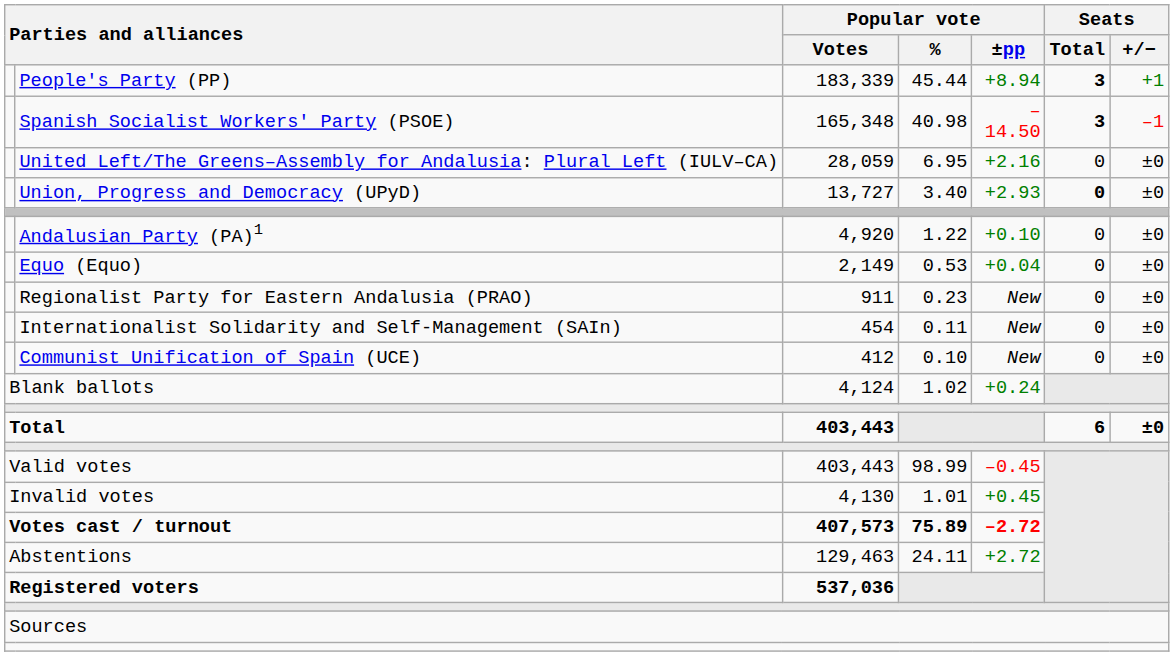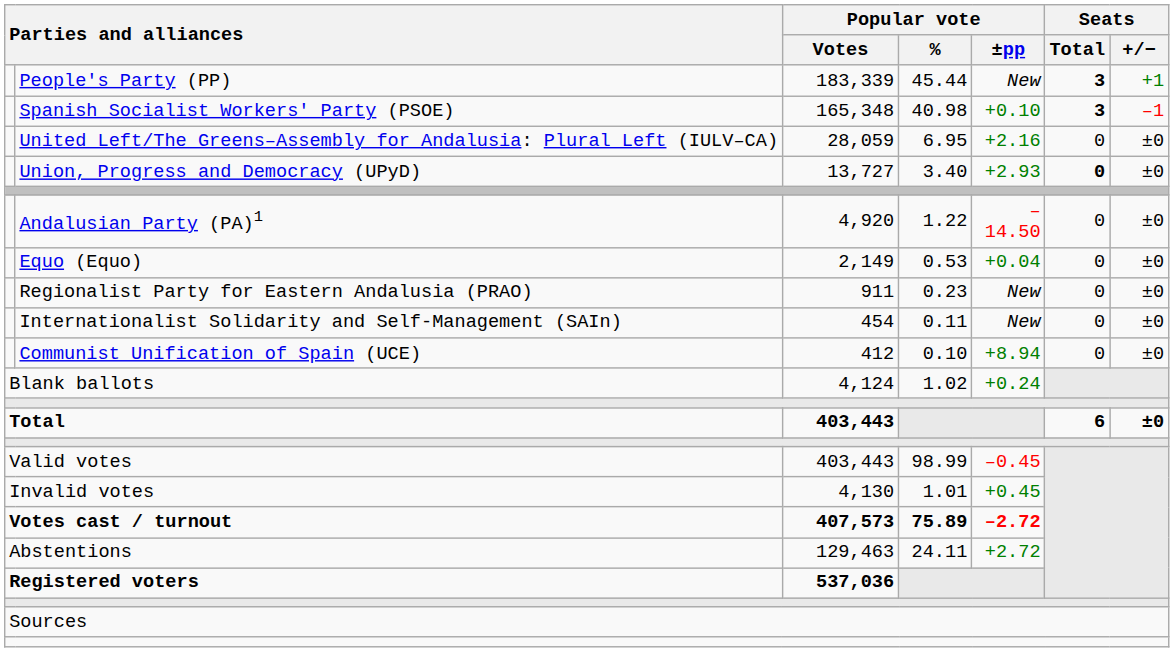 <table class="wikitable" style="text-align:right;">
 <tr>
 <th style="text-align:left;" rowspan="2" colspan="2" width="525">Parties and alliances</th>
 <th colspan="3">Popular vote</th>
 <th colspan="2">Seats</th>
 </tr>
 <tr>
 <th width="75">Votes</th>
 <th width="45">%</th>
 <th width="45">±<a href='#'>pp</a></th>
 <th width="35">Total</th>
 <th width="35">+/−</th>
 </tr>
 <tr>
 <td width="1" style="color:inherit;background:"></td>
 <td align="left"><a href='#'>People's Party</a> (PP)</td>
 <td>183,339</td>
 <td>45.44</td>
-<td style="color:green;">+8.94</td>
+<td><em>New</em></td>
 <td><strong>3</strong></td>
 <td style="color:green;">+1</td>
 </tr>
 <tr>
 <td style="color:inherit;background:"></td>
 <td align="left"><a href='#'>Spanish Socialist Workers' Party</a> (PSOE)</td>
 <td>165,348</td>
 <td>40.98</td>
-<td style="color:red;">–14.50</td>
+<td style="color:green;">+0.10</td>
 <td><strong>3</strong></td>
 <td style="color:red;">–1</td>
 </tr>
 <tr>
 <td style="color:inherit;background:"></td>
 <td align="left"><a href='#'>United Left/The Greens–Assembly for Andalusia</a>: <a href='#'>Plural Left</a> (IULV–CA)</td>
 <td>28,059</td>
 <td>6.95</td>
 <td style="color:green;">+2.16</td>
 <td>0</td>
 <td>±0</td>
 </tr>
 <tr>
 <td style="color:inherit;background:"></td>
 <td align="left"><a href='#'>Union, Progress and Democracy</a> (UPyD)</td>
 <td>13,727</td>
 <td>3.40</td>
 <td style="color:green;">+2.93</td>
 <td><strong>0</strong></td>
 <td>±0</td>
 </tr>
 <tr>
 <td colspan="7" bgcolor="#C0C0C0"></td>
 </tr>
 <tr>
 <td style="color:inherit;background:"></td>
 <td align="left"><a href='#'>Andalusian Party</a> (PA)<sup>1</sup></td>
 <td>4,920</td>
 <td>1.22</td>
-<td style="color:green;">+0.10</td>
+<td style="color:red;">–14.50</td>
 <td>0</td>
 <td>±0</td>
 </tr>
 <tr>
 <td style="color:inherit;background:"></td>
 <td align="left"><a href='#'>Equo</a> (Equo)</td>
 <td>2,149</td>
 <td>0.53</td>
 <td style="color:green;">+0.04</td>
 <td>0</td>
 <td>±0</td>
 </tr>
 <tr>
 <td style="color:inherit;background:"></td>
 <td align="left">Regionalist Party for Eastern Andalusia (PRAO)</td>
 <td>911</td>
 <td>0.23</td>
 <td><em>New</em></td>
 <td>0</td>
 <td>±0</td>
 </tr>
 <tr>
 <td style="color:inherit;background:"></td>
 <td align="left">Internationalist Solidarity and Self-Management (SAIn)</td>
 <td>454</td>
 <td>0.11</td>
 <td><em>New</em></td>
 <td>0</td>
 <td>±0</td>
 </tr>
 <tr>
 <td style="color:inherit;background:"></td>
 <td align="left"><a href='#'>Communist Unification of Spain</a> (UCE)</td>
 <td>412</td>
 <td>0.10</td>
-<td><em>New</em></td>
+<td style="color:green;">+8.94</td>
 <td>0</td>
 <td>±0</td>
 </tr>
 <tr>
 <td align="left" colspan="2">Blank ballots</td>
 <td>4,124</td>
 <td>1.02</td>
 <td style="color:green;">+0.24</td>
 <td bgcolor="#E9E9E9" colspan="2"></td>
 </tr>
 <tr>
 <td colspan="7" bgcolor="#E9E9E9"></td>
 </tr>
 <tr style="font-weight:bold;">
 <td align="left" colspan="2">Total</td>
 <td>403,443</td>
 <td bgcolor="#E9E9E9" colspan="2"></td>
 <td>6</td>
 <td>±0</td>
 </tr>
 <tr>
 <td colspan="7" bgcolor="#E9E9E9"></td>
 </tr>
 <tr>
 <td align="left" colspan="2">Valid votes</td>
 <td>403,443</td>
 <td>98.99</td>
 <td style="color:red;">–0.45</td>
 <td bgcolor="#E9E9E9" colspan="2" rowspan="5"></td>
 </tr>
 <tr>
 <td align="left" colspan="2">Invalid votes</td>
 <td>4,130</td>
 <td>1.01</td>
 <td style="color:green;">+0.45</td>
 </tr>
 <tr style="font-weight:bold;">
 <td align="left" colspan="2">Votes cast / turnout</td>
 <td>407,573</td>
 <td>75.89</td>
 <td style="color:red;">–2.72</td>
 </tr>
 <tr>
 <td align="left" colspan="2">Abstentions</td>
 <td>129,463</td>
 <td>24.11</td>
 <td style="color:green;">+2.72</td>
 </tr>
 <tr style="font-weight:bold;">
 <td align="left" colspan="2">Registered voters</td>
 <td>537,036</td>
 <td bgcolor="#E9E9E9" colspan="2"></td>
 </tr>
 <tr>
 <td colspan="7" bgcolor="#E9E9E9"></td>
 </tr>
 <tr>
 <td align="left" colspan="7">Sources</td>
 </tr>
 <tr>
 <td colspan="7" style="text-align:left; max-width:790px;"></td>
 </tr>
 </table>
